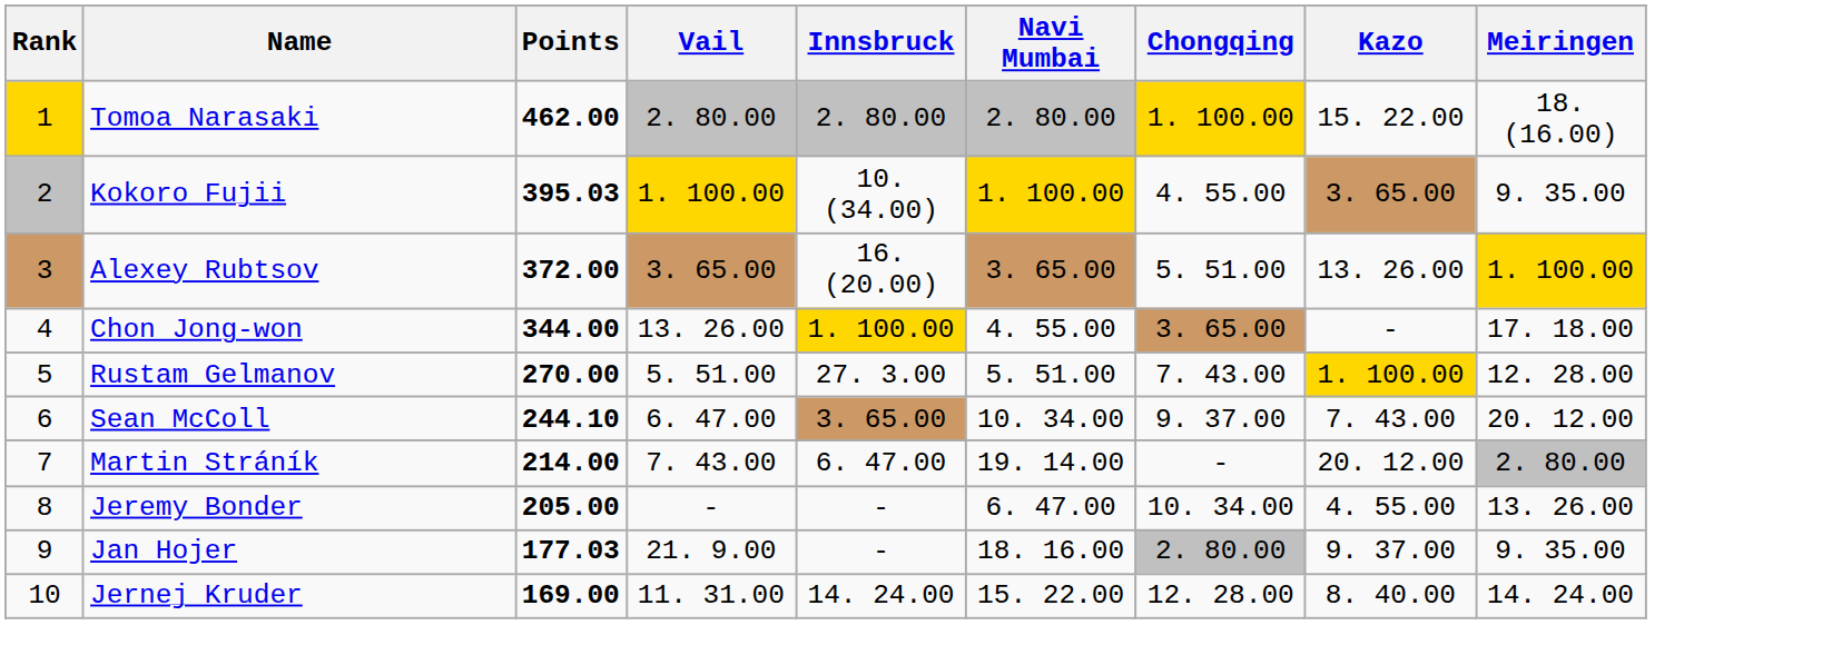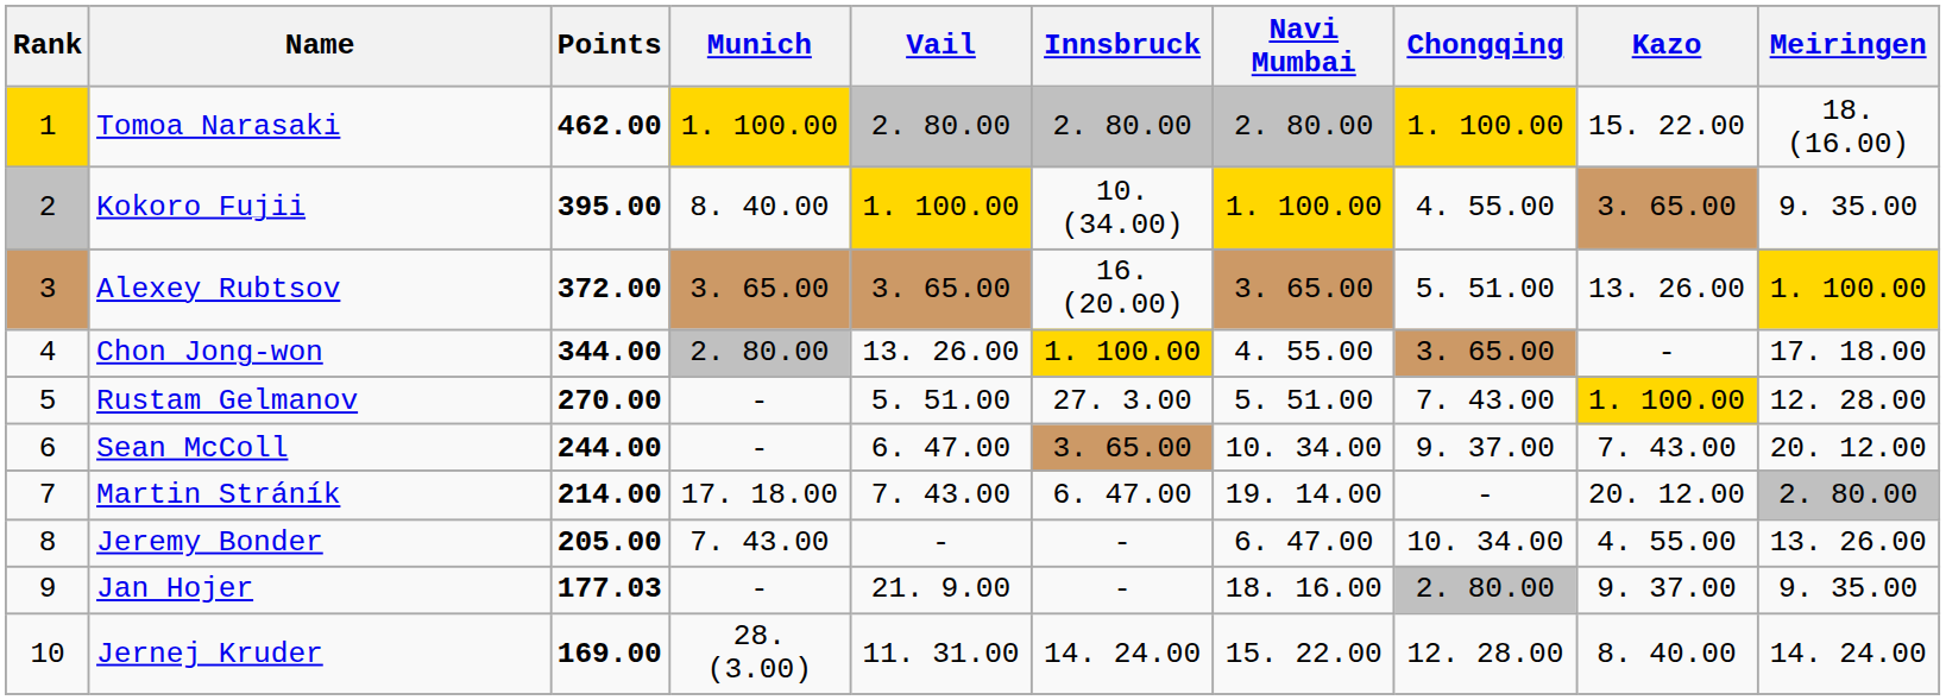 <table class="wikitable sortable">
 <tr>
 <th>Rank</th>
 <th width = "200">Name</th>
 <th>Points</th>
+<th width = "75" data-sort-type="number"><a href='#'>Munich</a></th>
 <th width = "75" data-sort-type="number"><a href='#'>Vail</a></th>
 <th width = "75" data-sort-type="number"><a href='#'>Innsbruck</a></th>
 <th width = "75" data-sort-type="number"><a href='#'>Navi Mumbai</a></th>
 <th width = "75" data-sort-type="number"><a href='#'>Chongqing</a></th>
 <th width = "75" data-sort-type="number"><a href='#'>Kazo</a></th>
 <th width = "75" data-sort-type="number"><a href='#'>Meiringen</a></th>
 </tr>
 <tr>
 <td align="center" style="background: gold">1</td>
 <td> <a href='#'>Tomoa Narasaki</a></td>
 <td align="center"><strong>462.00	</strong></td>
+<td align="center" style="background: gold">1. 100.00</td>
 <td align="center" style="background: silver">2. 80.00</td>
 <td align="center" style="background: silver">2. 80.00</td>
 <td align="center" style="background: silver">2. 80.00</td>
 <td align="center" style="background: gold">1. 100.00</td>
 <td align="center">15. 22.00</td>
 <td align="center">18. (16.00)</td>
 </tr>
 <tr>
 <td align="center" style="background: silver">2</td>
 <td> <a href='#'>Kokoro Fujii</a></td>
-<td align="center"><strong>395.03		</strong></td>
+<td align="center"><strong>395.00		</strong></td>
+<td align="center">8. 40.00</td>
 <td align="center" style="background: gold">1. 100.00</td>
 <td align="center">10. (34.00)</td>
 <td align="center" style="background: gold">1. 100.00</td>
 <td align="center">4. 55.00</td>
 <td align="center" style="background: #cc9966">3. 65.00</td>
 <td align="center">9. 35.00</td>
 </tr>
 <tr>
 <td align="center" style="background: #cc9966">3</td>
 <td> <a href='#'>Alexey Rubtsov</a></td>
 <td align="center"><strong>372.00	</strong></td>
 <td align="center" style="background: #cc9966">3. 65.00</td>
+<td align="center" style="background: #cc9966">3. 65.00</td>
 <td align="center">16. (20.00)</td>
 <td align="center" style="background: #cc9966">3. 65.00</td>
 <td align="center">5. 51.00</td>
 <td align="center">13. 26.00</td>
 <td align="center" style="background: gold">1. 100.00</td>
 </tr>
 <tr>
 <td align="center">4</td>
 <td> <a href='#'>Chon Jong-won</a></td>
 <td align="center"><strong>344.00	</strong></td>
+<td align="center" style="background: silver">2. 80.00</td>
 <td align="center">13. 26.00</td>
 <td align="center" style="background: gold">1. 100.00</td>
 <td align="center">4. 55.00</td>
 <td align="center" style="background: #cc9966">3. 65.00</td>
 <td align="center">-</td>
 <td align="center">17. 18.00</td>
 </tr>
 <tr>
 <td align="center">5</td>
 <td> <a href='#'>Rustam Gelmanov</a></td>
 <td align="center"><strong>270.00	</strong></td>
+<td align="center">-</td>
 <td align="center">5. 51.00</td>
 <td align="center">27. 3.00</td>
 <td align="center">5. 51.00</td>
 <td align="center">7. 43.00</td>
 <td align="center" style="background: gold">1. 100.00</td>
 <td align="center">12. 28.00</td>
 </tr>
 <tr>
 <td align="center">6</td>
 <td> <a href='#'>Sean McColl</a></td>
-<td align="center"><strong>244.10		</strong></td>
+<td align="center"><strong>244.00		</strong></td>
+<td align="center">-</td>
 <td align="center">6. 47.00</td>
 <td align="center" style="background: #cc9966">3. 65.00</td>
 <td align="center">10. 34.00</td>
 <td align="center">9. 37.00</td>
 <td align="center">7. 43.00</td>
 <td align="center">20. 12.00</td>
 </tr>
 <tr>
 <td align="center">7</td>
 <td> <a href='#'>Martin Stráník</a></td>
 <td align="center"><strong>214.00		</strong></td>
+<td align="center">17. 18.00</td>
 <td align="center">7. 43.00</td>
 <td align="center">6. 47.00</td>
 <td align="center">19. 14.00</td>
 <td align="center">-</td>
 <td align="center">20. 12.00</td>
 <td align="center" style="background: silver">2. 80.00</td>
 </tr>
 <tr>
 <td align="center">8</td>
 <td> <a href='#'>Jeremy Bonder</a></td>
 <td align="center"><strong>205.00			</strong></td>
+<td align="center">7. 43.00</td>
 <td align="center">-</td>
 <td align="center">-</td>
 <td align="center">6. 47.00</td>
 <td align="center">10. 34.00</td>
 <td align="center">4. 55.00</td>
 <td align="center">13. 26.00</td>
 </tr>
 <tr>
 <td align="center">9</td>
 <td> <a href='#'>Jan Hojer</a></td>
 <td align="center"><strong>177.03				</strong></td>
+<td align="center">-</td>
 <td align="center">21. 9.00</td>
 <td align="center">-</td>
 <td align="center">18. 16.00</td>
 <td align="center" style="background: silver">2. 80.00</td>
 <td align="center">9. 37.00</td>
 <td align="center">9. 35.00</td>
 </tr>
 <tr>
 <td align="center">10</td>
 <td> <a href='#'>Jernej Kruder</a></td>
 <td align="center"><strong>169.00	</strong></td>
+<td align="center">28. (3.00)</td>
 <td align="center">11. 31.00</td>
 <td align="center">14. 24.00</td>
 <td align="center">15. 22.00</td>
 <td align="center">12. 28.00</td>
 <td align="center">8. 40.00</td>
 <td align="center">14. 24.00</td>
 </tr>
 </table>
